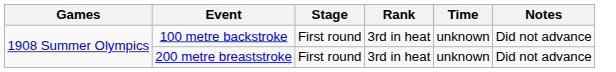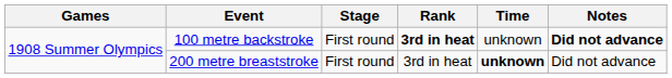 <table class="wikitable" style=" text-align:center;">
 <tr>
 <th>Games</th>
 <th>Event</th>
 <th>Stage</th>
 <th>Rank</th>
 <th>Time</th>
 <th>Notes</th>
 </tr>
 <tr>
 <td style="white-space: nowrap;" rowspan=2><a href='#'>1908 Summer Olympics</a></td>
 <td style="white-space: nowrap;"><a href='#'>100 metre backstroke</a></td>
 <td>First round</td>
-<td style="white-space: nowrap;">3rd in heat</td>
+<td style="white-space: nowrap;"><strong>3rd in heat</strong></td>
 <td style="white-space: nowrap;">unknown</td>
-<td align=left>Did not advance</td>
+<td align=left><strong>Did not advance</strong></td>
 </tr>
 <tr>
 <td style="white-space: nowrap;"><a href='#'>200 metre breaststroke</a></td>
 <td>First round</td>
 <td style="white-space: nowrap;">3rd in heat</td>
-<td style="white-space: nowrap;">unknown</td>
+<td style="white-space: nowrap;"><strong>unknown</strong></td>
 <td align=left>Did not advance</td>
 </tr>
 </table>
